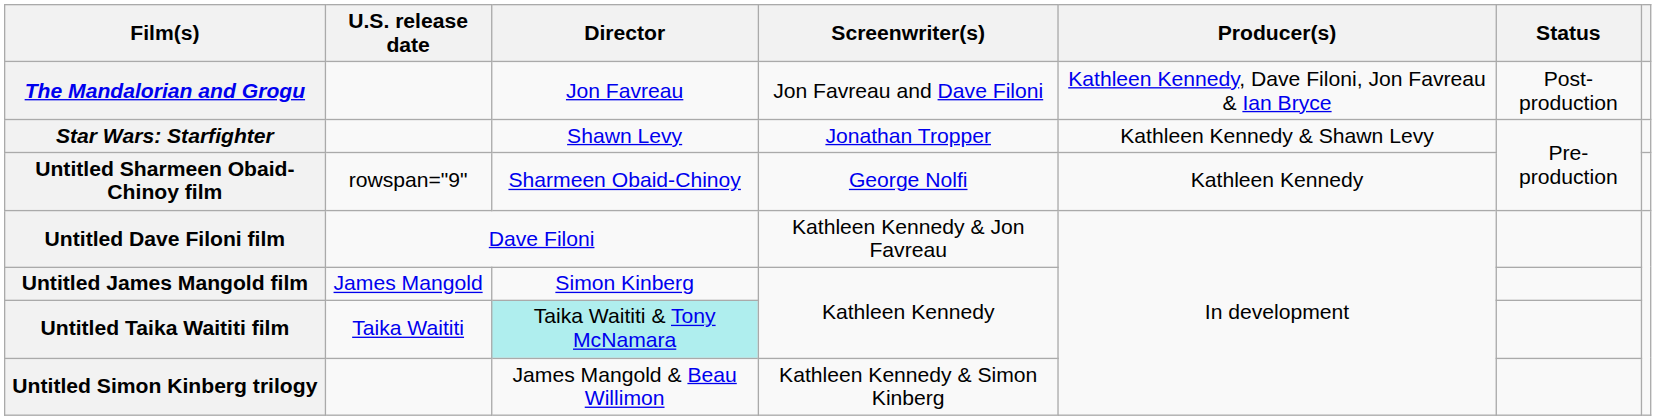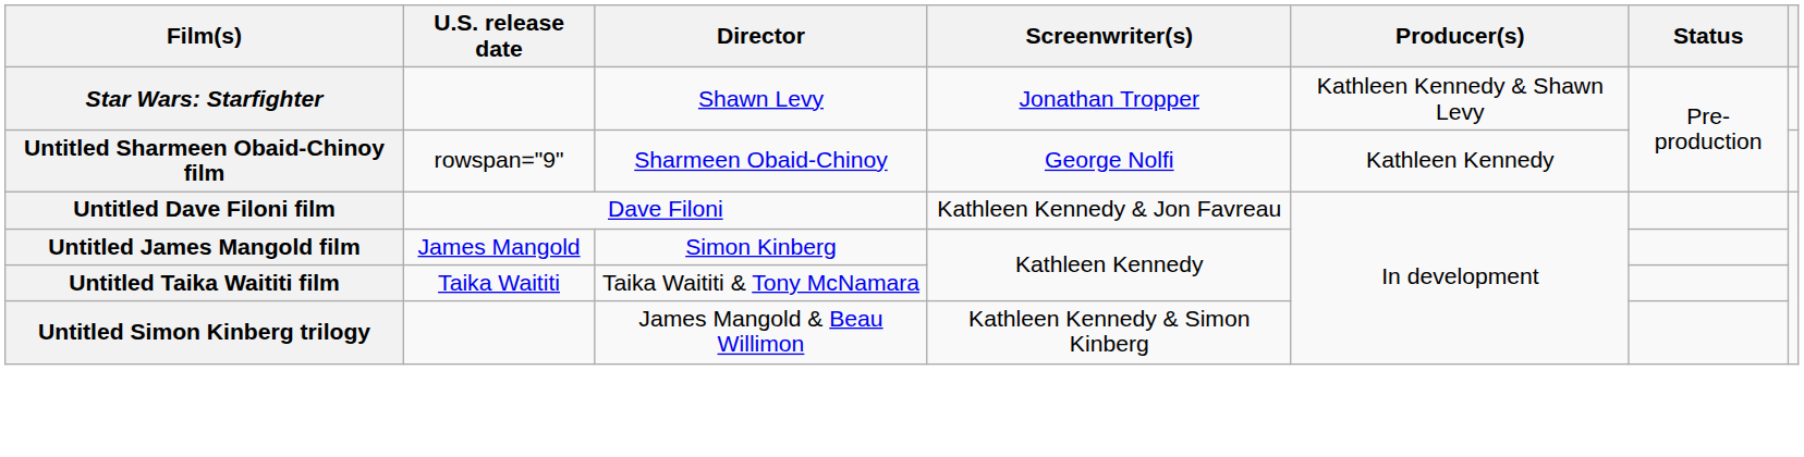 <table class="wikitable plainrowheaders" style="text-align:center;">
 <tr>
 <th scope="col">Film(s)</th>
 <th scope="col">U.S. release date</th>
 <th scope="col">Director</th>
 <th scope="col">Screenwriter(s)</th>
 <th scope="col">Producer(s)</th>
 <th scope="col">Status</th>
 <th scope="col"></th>
-</tr>
-<tr>
-<th scope="row"><em><a href='#'>The Mandalorian and Grogu</a></em></th>
-<td style="text-align:left"></td>
-<td><a href='#'>Jon Favreau</a></td>
-<td>Jon Favreau and <a href='#'>Dave Filoni</a></td>
-<td><a href='#'>Kathleen Kennedy</a>, Dave Filoni, Jon Favreau & <a href='#'>Ian Bryce</a></td>
-<td>Post-production</td>
-<td></td>
 </tr>
 <tr>
 <th scope="row"><em>Star Wars: Starfighter</em></th>
 <td style="text-align:left"></td>
 <td><a href='#'>Shawn Levy</a></td>
 <td><a href='#'>Jonathan Tropper</a></td>
 <td>Kathleen Kennedy & Shawn Levy</td>
 <td rowspan="2">Pre-production</td>
 <td></td>
 </tr>
 <tr>
 <th scope="row">Untitled Sharmeen Obaid-Chinoy film</th>
 <td>rowspan="9" </td>
 <td><a href='#'>Sharmeen Obaid-Chinoy</a></td>
 <td><a href='#'>George Nolfi</a></td>
 <td>Kathleen Kennedy</td>
 <td></td>
 </tr>
 <tr>
 <th scope="row">Untitled Dave Filoni film</th>
 <td colspan="2"><a href='#'>Dave Filoni</a></td>
 <td>Kathleen Kennedy & Jon Favreau</td>
 <td rowspan="5">In development</td>
 <td></td>
 </tr>
 <tr>
 <th scope="row">Untitled James Mangold film</th>
 <td><a href='#'>James Mangold</a></td>
 <td><a href='#'>Simon Kinberg</a></td>
 <td rowspan="2">Kathleen Kennedy</td>
 <td></td>
 </tr>
 <tr>
 <th scope="row">Untitled Taika Waititi film</th>
 <td><a href='#'>Taika Waititi</a></td>
-<td style="background: paleturquoise;">Taika Waititi & <a href='#'>Tony McNamara</a></td>
+<td>Taika Waititi & <a href='#'>Tony McNamara</a></td>
 <td></td>
 </tr>
 <tr>
 <th scope="row">Untitled Simon Kinberg trilogy</th>
 <td></td>
 <td>James Mangold & <a href='#'>Beau Willimon</a></td>
 <td>Kathleen Kennedy & Simon Kinberg</td>
 <td></td>
 </tr>
 </table>
